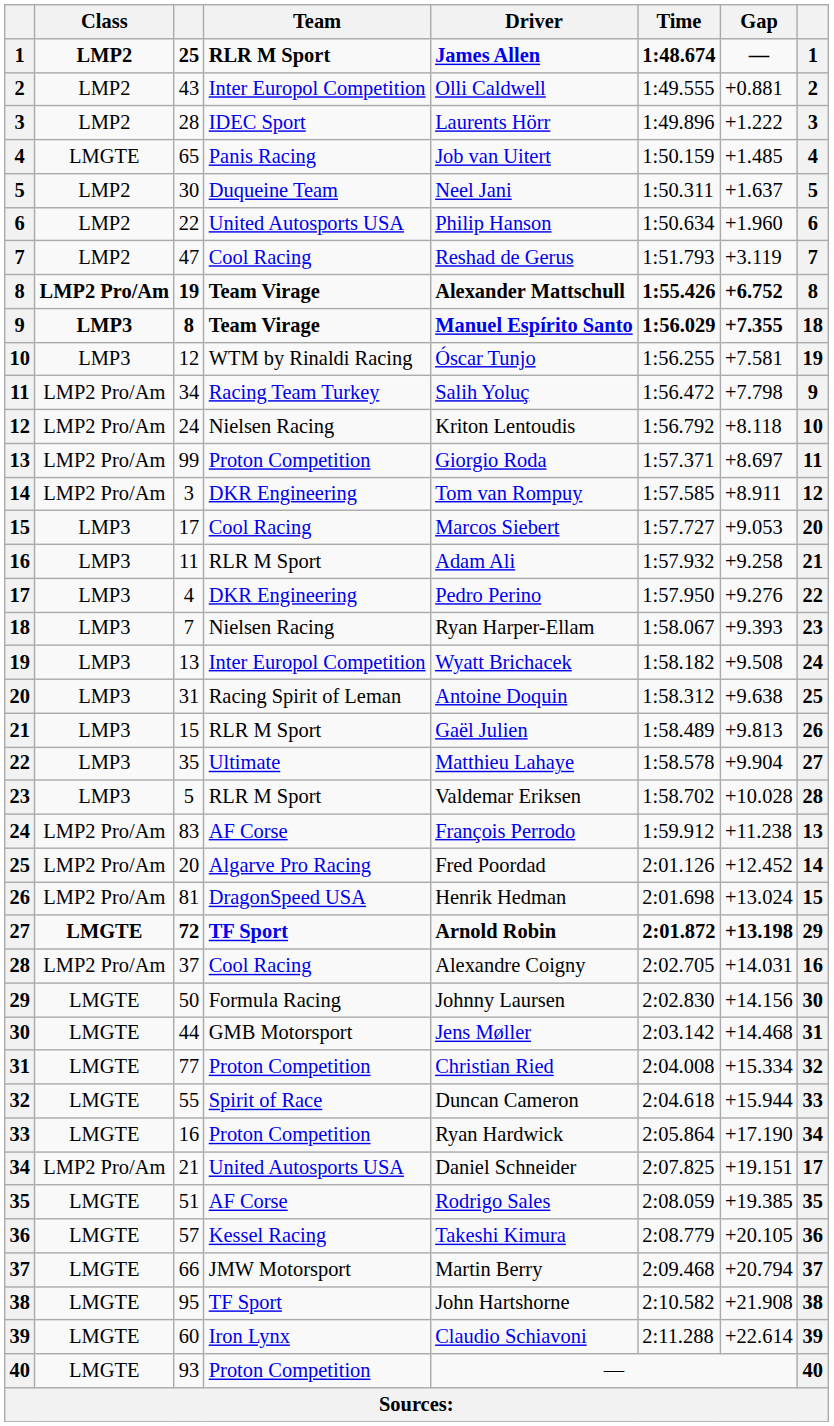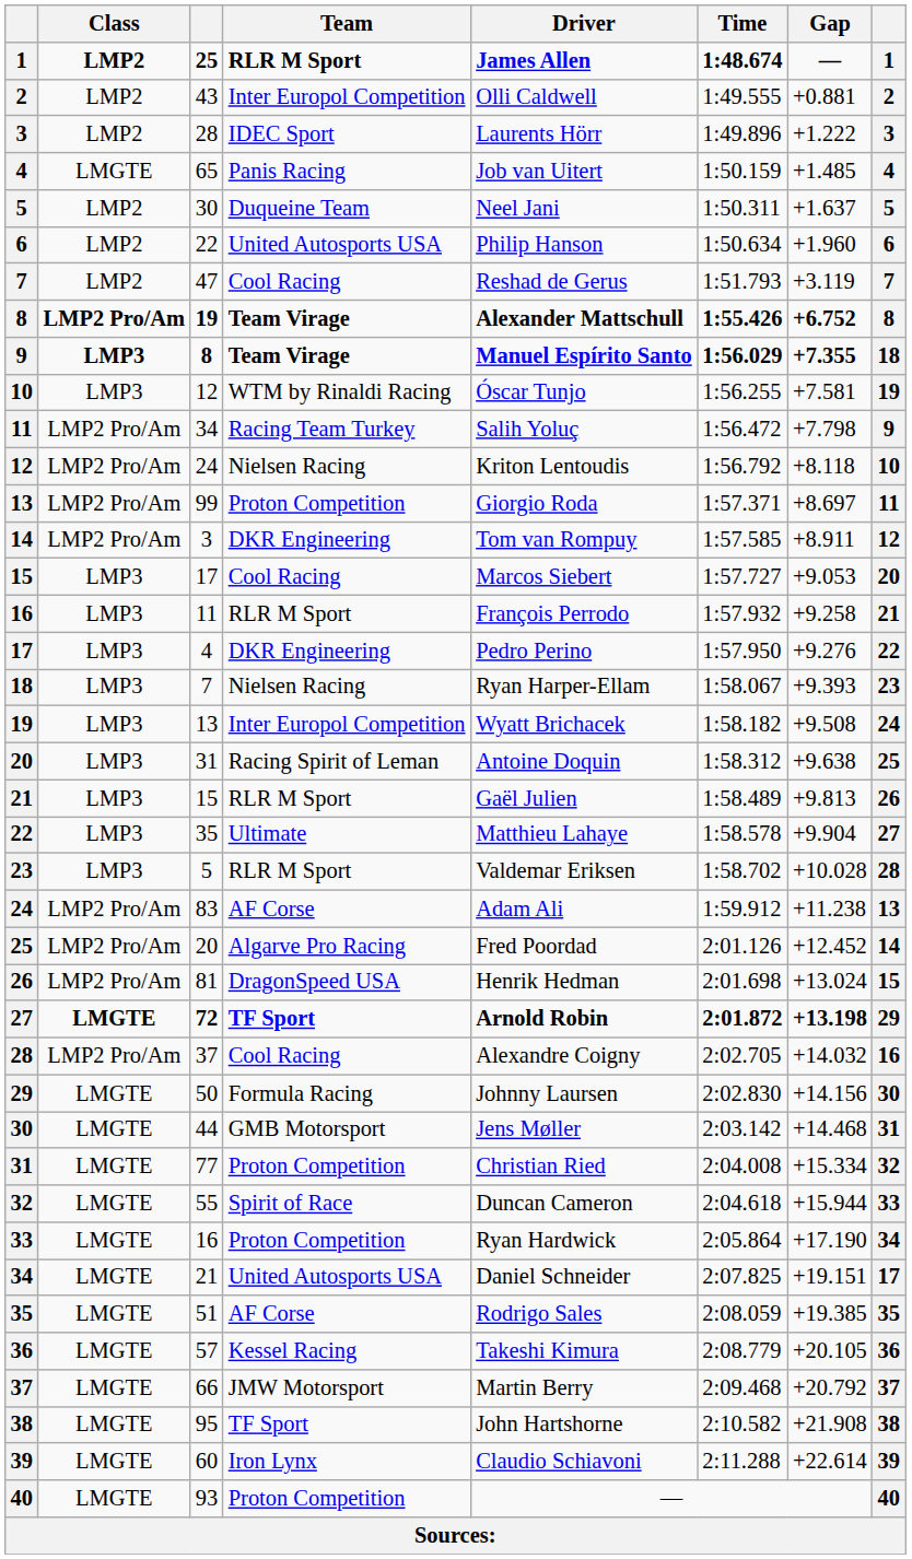 <table class="wikitable sortable" style="font-size: 90%;">
 <tr>
 <th></th>
 <th class="unsortable">Class</th>
 <th class="unsortable"></th>
 <th class="unsortable">Team</th>
 <th class="unsortable">Driver</th>
 <th class="unsortable">Time</th>
 <th class="unsortable">Gap</th>
 <th></th>
 </tr>
 <tr style="font-weight: bold;">
 <th>1</th>
 <td align="center">LMP2</td>
 <td align="center">25</td>
 <td> RLR M Sport</td>
 <td> <a href='#'>James Allen</a></td>
 <td>1:48.674</td>
 <td align="center">—</td>
 <th>1</th>
 </tr>
 <tr>
 <th>2</th>
 <td align="center">LMP2</td>
 <td align="center">43</td>
 <td> <a href='#'>Inter Europol Competition</a></td>
 <td> <a href='#'>Olli Caldwell</a></td>
 <td>1:49.555</td>
 <td>+0.881</td>
 <th>2</th>
 </tr>
 <tr>
 <th>3</th>
 <td align="center">LMP2</td>
 <td align="center">28</td>
 <td> <a href='#'>IDEC Sport</a></td>
 <td> <a href='#'>Laurents Hörr</a></td>
 <td>1:49.896</td>
 <td>+1.222</td>
 <th>3</th>
 </tr>
 <tr>
 <th>4</th>
 <td align="center">LMGTE</td>
 <td align="center">65</td>
 <td> <a href='#'>Panis Racing</a></td>
 <td> <a href='#'>Job van Uitert</a></td>
 <td>1:50.159</td>
 <td>+1.485</td>
 <th>4</th>
 </tr>
 <tr>
 <th>5</th>
 <td align="center">LMP2</td>
 <td align="center">30</td>
 <td> <a href='#'>Duqueine Team</a></td>
 <td> <a href='#'>Neel Jani</a></td>
 <td>1:50.311</td>
 <td>+1.637</td>
 <th>5</th>
 </tr>
 <tr>
 <th>6</th>
 <td align="center">LMP2</td>
 <td align="center">22</td>
 <td> <a href='#'>United Autosports USA</a></td>
 <td> <a href='#'>Philip Hanson</a></td>
 <td>1:50.634</td>
 <td>+1.960</td>
 <th>6</th>
 </tr>
 <tr>
 <th>7</th>
 <td align="center">LMP2</td>
 <td align="center">47</td>
 <td> <a href='#'>Cool Racing</a></td>
 <td> <a href='#'>Reshad de Gerus</a></td>
 <td>1:51.793</td>
 <td>+3.119</td>
 <th>7</th>
 </tr>
 <tr style="font-weight: bold;">
 <th>8</th>
 <td align="center">LMP2 Pro/Am</td>
 <td align="center">19</td>
 <td> Team Virage</td>
 <td> Alexander Mattschull</td>
 <td>1:55.426</td>
 <td>+6.752</td>
 <th>8</th>
 </tr>
 <tr style="font-weight: bold;">
 <th>9</th>
 <td align="center">LMP3</td>
 <td align="center">8</td>
 <td> Team Virage</td>
 <td> <a href='#'>Manuel Espírito Santo</a></td>
 <td>1:56.029</td>
 <td>+7.355</td>
 <th>18</th>
 </tr>
 <tr>
 <th>10</th>
 <td align="center">LMP3</td>
 <td align="center">12</td>
 <td> WTM by Rinaldi Racing</td>
 <td> <a href='#'>Óscar Tunjo</a></td>
 <td>1:56.255</td>
 <td>+7.581</td>
 <th>19</th>
 </tr>
 <tr>
 <th>11</th>
 <td align="center">LMP2 Pro/Am</td>
 <td align="center">34</td>
 <td> <a href='#'>Racing Team Turkey</a></td>
 <td> <a href='#'>Salih Yoluç</a></td>
 <td>1:56.472</td>
 <td>+7.798</td>
 <th>9</th>
 </tr>
 <tr>
 <th>12</th>
 <td align="center">LMP2 Pro/Am</td>
 <td align="center">24</td>
 <td> Nielsen Racing</td>
 <td> Kriton Lentoudis</td>
 <td>1:56.792</td>
 <td>+8.118</td>
 <th>10</th>
 </tr>
 <tr>
 <th>13</th>
 <td align="center">LMP2 Pro/Am</td>
 <td align="center">99</td>
 <td> <a href='#'>Proton Competition</a></td>
 <td> <a href='#'>Giorgio Roda</a></td>
 <td>1:57.371</td>
 <td>+8.697</td>
 <th>11</th>
 </tr>
 <tr>
 <th>14</th>
 <td align="center">LMP2 Pro/Am</td>
 <td align="center">3</td>
 <td> <a href='#'>DKR Engineering</a></td>
 <td> <a href='#'>Tom van Rompuy</a></td>
 <td>1:57.585</td>
 <td>+8.911</td>
 <th>12</th>
 </tr>
 <tr>
 <th>15</th>
 <td align="center">LMP3</td>
 <td align="center">17</td>
 <td> <a href='#'>Cool Racing</a></td>
 <td> <a href='#'>Marcos Siebert</a></td>
 <td>1:57.727</td>
 <td>+9.053</td>
 <th>20</th>
 </tr>
 <tr>
 <th>16</th>
 <td align="center">LMP3</td>
 <td align="center">11</td>
 <td> RLR M Sport</td>
-<td> <a href='#'>Adam Ali</a></td>
+<td> <a href='#'>François Perrodo</a></td>
 <td>1:57.932</td>
 <td>+9.258</td>
 <th>21</th>
 </tr>
 <tr>
 <th>17</th>
 <td align="center">LMP3</td>
 <td align="center">4</td>
 <td> <a href='#'>DKR Engineering</a></td>
 <td> <a href='#'>Pedro Perino</a></td>
 <td>1:57.950</td>
 <td>+9.276</td>
 <th>22</th>
 </tr>
 <tr>
 <th>18</th>
 <td align="center">LMP3</td>
 <td align="center">7</td>
 <td> Nielsen Racing</td>
 <td> Ryan Harper-Ellam</td>
 <td>1:58.067</td>
 <td>+9.393</td>
 <th>23</th>
 </tr>
 <tr>
 <th>19</th>
 <td align="center">LMP3</td>
 <td align="center">13</td>
 <td> <a href='#'>Inter Europol Competition</a></td>
 <td> <a href='#'>Wyatt Brichacek</a></td>
 <td>1:58.182</td>
 <td>+9.508</td>
 <th>24</th>
 </tr>
 <tr>
 <th>20</th>
 <td align="center">LMP3</td>
 <td align="center">31</td>
 <td> Racing Spirit of Leman</td>
 <td> <a href='#'>Antoine Doquin</a></td>
 <td>1:58.312</td>
 <td>+9.638</td>
 <th>25</th>
 </tr>
 <tr>
 <th>21</th>
 <td align="center">LMP3</td>
 <td align="center">15</td>
 <td> RLR M Sport</td>
 <td> <a href='#'>Gaël Julien</a></td>
 <td>1:58.489</td>
 <td>+9.813</td>
 <th>26</th>
 </tr>
 <tr>
 <th>22</th>
 <td align="center">LMP3</td>
 <td align="center">35</td>
 <td> <a href='#'>Ultimate</a></td>
 <td> <a href='#'>Matthieu Lahaye</a></td>
 <td>1:58.578</td>
 <td>+9.904</td>
 <th>27</th>
 </tr>
 <tr>
 <th>23</th>
 <td align="center">LMP3</td>
 <td align="center">5</td>
 <td> RLR M Sport</td>
 <td> Valdemar Eriksen</td>
 <td>1:58.702</td>
 <td>+10.028</td>
 <th>28</th>
 </tr>
 <tr>
 <th>24</th>
 <td align="center">LMP2 Pro/Am</td>
 <td align="center">83</td>
 <td> <a href='#'>AF Corse</a></td>
-<td> <a href='#'>François Perrodo</a></td>
+<td> <a href='#'>Adam Ali</a></td>
 <td>1:59.912</td>
 <td>+11.238</td>
 <th>13</th>
 </tr>
 <tr>
 <th>25</th>
 <td align="center">LMP2 Pro/Am</td>
 <td align="center">20</td>
 <td> <a href='#'>Algarve Pro Racing</a></td>
 <td> Fred Poordad</td>
 <td>2:01.126</td>
 <td>+12.452</td>
 <th>14</th>
 </tr>
 <tr>
 <th>26</th>
 <td align="center">LMP2 Pro/Am</td>
 <td align="center">81</td>
 <td> <a href='#'>DragonSpeed USA</a></td>
 <td> Henrik Hedman</td>
 <td>2:01.698</td>
 <td>+13.024</td>
 <th>15</th>
 </tr>
 <tr style="font-weight: bold;">
 <th>27</th>
 <td align="center">LMGTE</td>
 <td align="center">72</td>
 <td> <a href='#'>TF Sport</a></td>
 <td> Arnold Robin</td>
 <td>2:01.872</td>
 <td>+13.198</td>
 <th>29</th>
 </tr>
 <tr>
 <th>28</th>
 <td align="center">LMP2 Pro/Am</td>
 <td align="center">37</td>
 <td> <a href='#'>Cool Racing</a></td>
 <td> Alexandre Coigny</td>
 <td>2:02.705</td>
-<td>+14.031</td>
+<td>+14.032</td>
 <th>16</th>
 </tr>
 <tr>
 <th>29</th>
 <td align="center">LMGTE</td>
 <td align="center">50</td>
 <td> Formula Racing</td>
 <td> Johnny Laursen</td>
 <td>2:02.830</td>
 <td>+14.156</td>
 <th>30</th>
 </tr>
 <tr>
 <th>30</th>
 <td align="center">LMGTE</td>
 <td align="center">44</td>
 <td> GMB Motorsport</td>
 <td> <a href='#'>Jens Møller</a></td>
 <td>2:03.142</td>
 <td>+14.468</td>
 <th>31</th>
 </tr>
 <tr>
 <th>31</th>
 <td align="center">LMGTE</td>
 <td align="center">77</td>
 <td> <a href='#'>Proton Competition</a></td>
 <td> <a href='#'>Christian Ried</a></td>
 <td>2:04.008</td>
 <td>+15.334</td>
 <th>32</th>
 </tr>
 <tr>
 <th>32</th>
 <td align="center">LMGTE</td>
 <td align="center">55</td>
 <td> <a href='#'>Spirit of Race</a></td>
 <td> Duncan Cameron</td>
 <td>2:04.618</td>
 <td>+15.944</td>
 <th>33</th>
 </tr>
 <tr>
 <th>33</th>
 <td align="center">LMGTE</td>
 <td align="center">16</td>
 <td> <a href='#'>Proton Competition</a></td>
 <td> Ryan Hardwick</td>
 <td>2:05.864</td>
 <td>+17.190</td>
 <th>34</th>
 </tr>
 <tr>
 <th>34</th>
-<td align="center">LMP2 Pro/Am</td>
+<td align="center">LMGTE</td>
 <td align="center">21</td>
 <td> <a href='#'>United Autosports USA</a></td>
 <td> Daniel Schneider</td>
 <td>2:07.825</td>
 <td>+19.151</td>
 <th>17</th>
 </tr>
 <tr>
 <th>35</th>
 <td align="center">LMGTE</td>
 <td align="center">51</td>
 <td> <a href='#'>AF Corse</a></td>
 <td> <a href='#'>Rodrigo Sales</a></td>
 <td>2:08.059</td>
 <td>+19.385</td>
 <th>35</th>
 </tr>
 <tr>
 <th>36</th>
 <td align="center">LMGTE</td>
 <td align="center">57</td>
 <td> <a href='#'>Kessel Racing</a></td>
 <td> <a href='#'>Takeshi Kimura</a></td>
 <td>2:08.779</td>
 <td>+20.105</td>
 <th>36</th>
 </tr>
 <tr>
 <th>37</th>
 <td align="center">LMGTE</td>
 <td align="center">66</td>
 <td> JMW Motorsport</td>
 <td> Martin Berry</td>
 <td>2:09.468</td>
-<td>+20.794</td>
+<td>+20.792</td>
 <th>37</th>
 </tr>
 <tr>
 <th>38</th>
 <td align="center">LMGTE</td>
 <td align="center">95</td>
 <td> <a href='#'>TF Sport</a></td>
 <td> John Hartshorne</td>
 <td>2:10.582</td>
 <td>+21.908</td>
 <th>38</th>
 </tr>
 <tr>
 <th>39</th>
 <td align="center">LMGTE</td>
 <td align="center">60</td>
 <td> <a href='#'>Iron Lynx</a></td>
 <td> <a href='#'>Claudio Schiavoni</a></td>
 <td>2:11.288</td>
 <td>+22.614</td>
 <th>39</th>
 </tr>
 <tr>
 <th>40</th>
 <td align="center">LMGTE</td>
 <td align="center">93</td>
 <td> <a href='#'>Proton Competition</a></td>
 <td colspan="3" align="center">—</td>
 <th>40</th>
 </tr>
 <tr>
 <th colspan="8">Sources:</th>
 </tr>
 </table>
